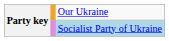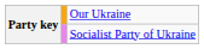 <table class=wikitable>
 <tr>
 <th rowspan=2>Party key</th>
 <td style="background:orange"></td>
 <td><a href='#'>Our Ukraine</a></td>
 </tr>
 <tr>
 <td style="background:violet"></td>
-<td style="background: lightblue;"><a href='#'>Socialist Party of Ukraine</a></td>
+<td><a href='#'>Socialist Party of Ukraine</a></td>
 </tr>
 </table>
